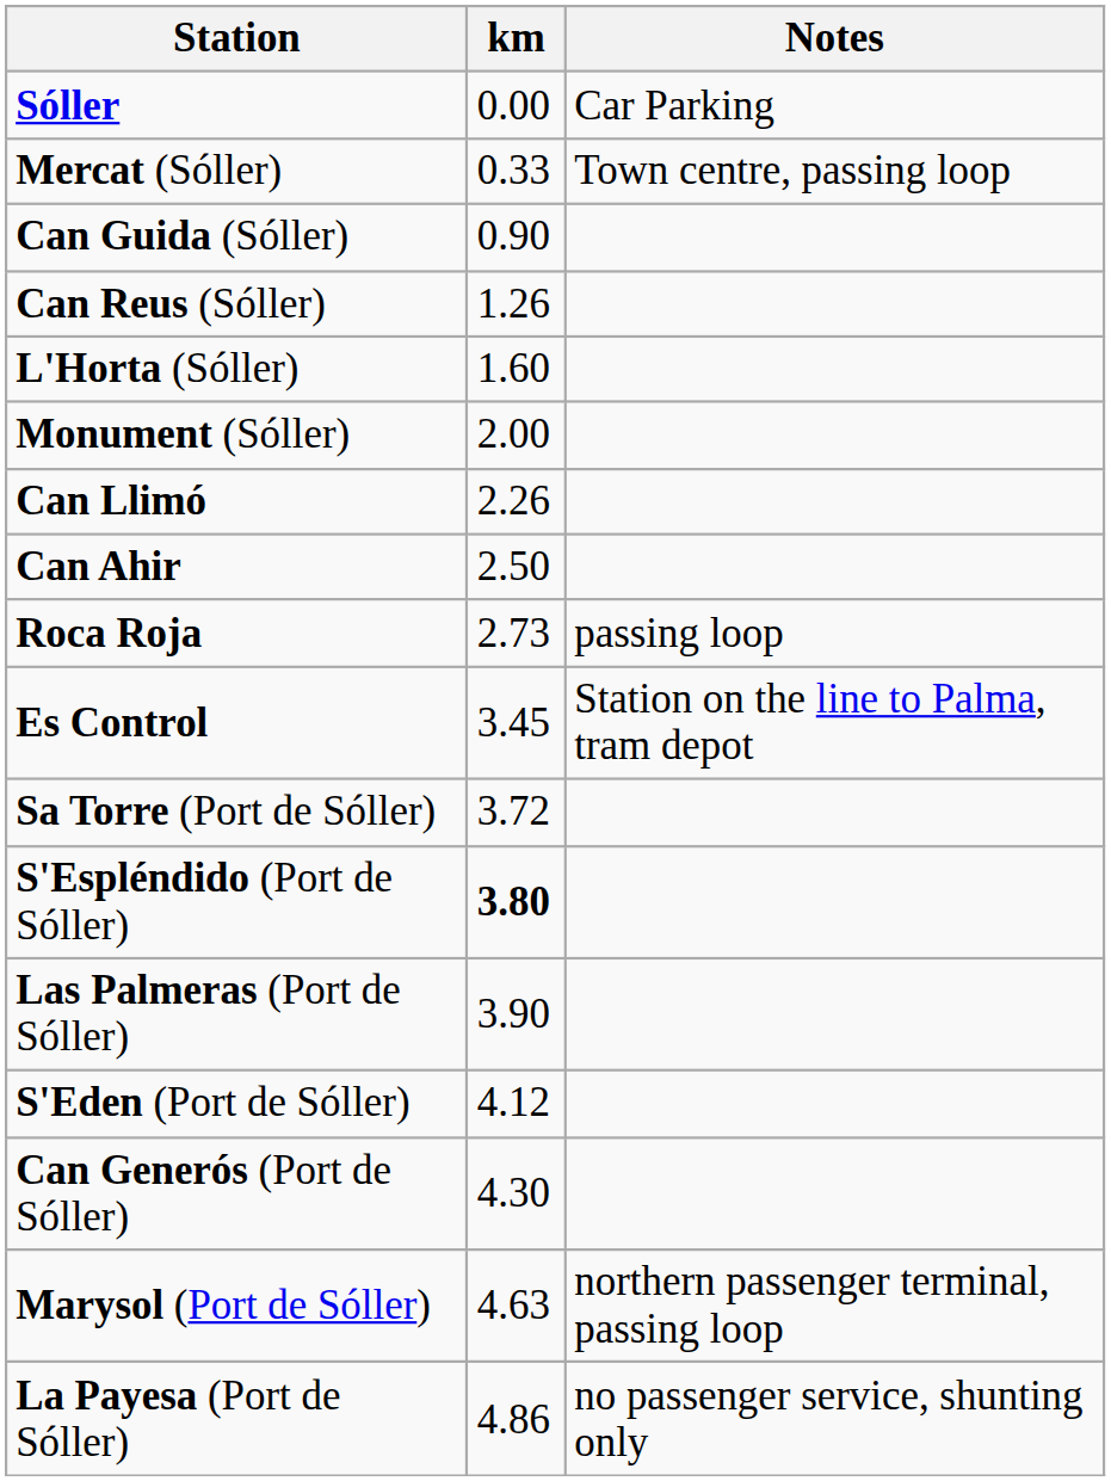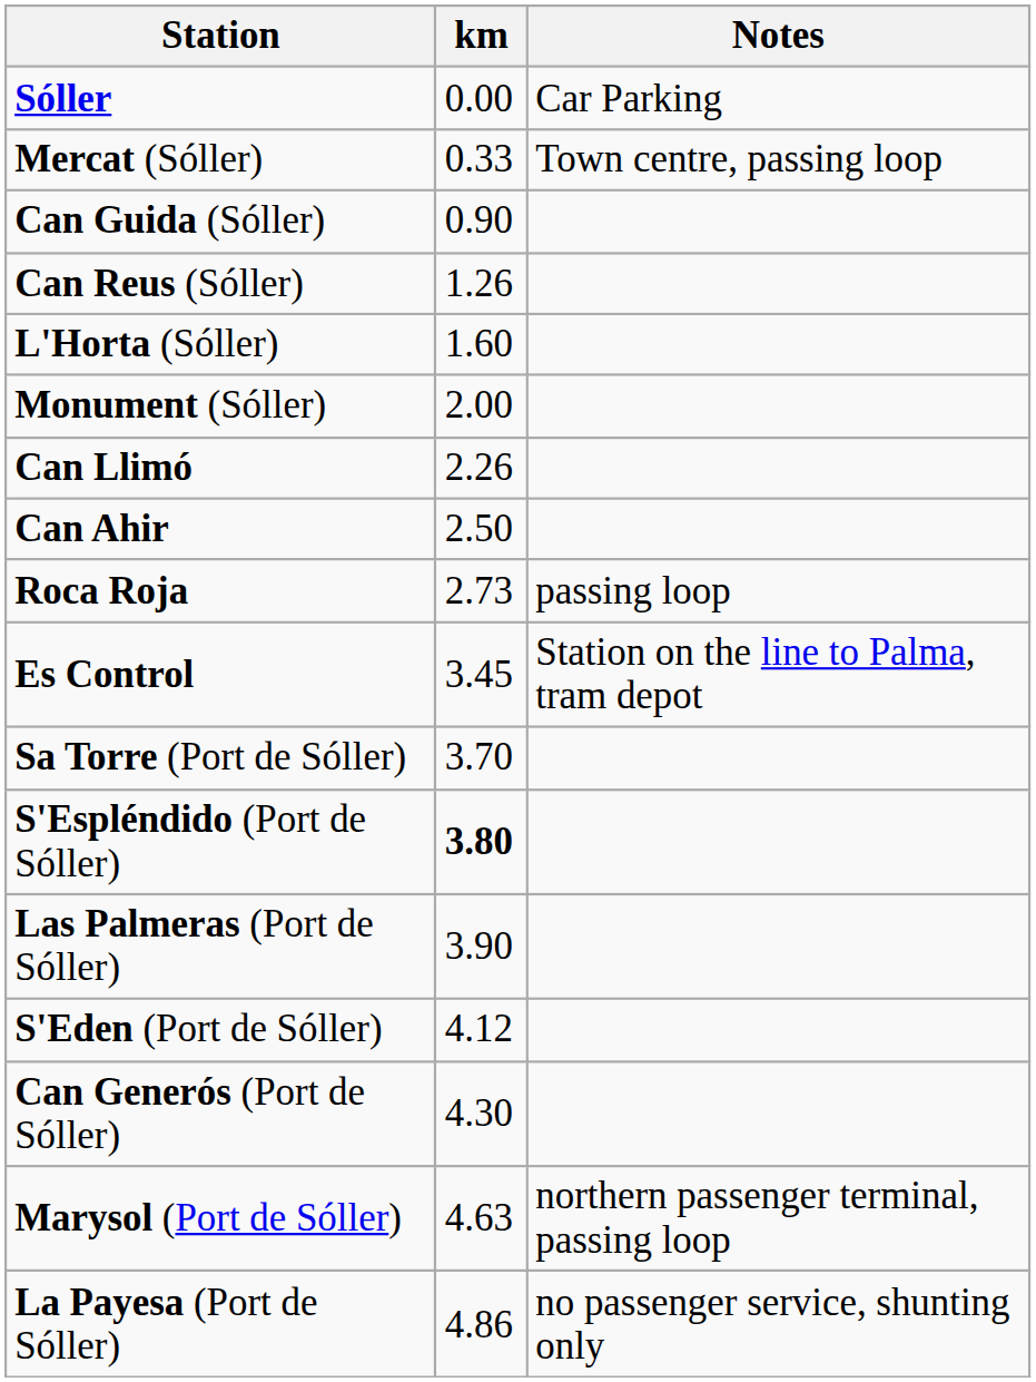 <table class="wikitable sortable">
 <tr>
 <th width="170px">Station</th>
 <th width="30px">km</th>
 <th width="200px">Notes</th>
 </tr>
 <tr>
 <td><strong><a href='#'>Sóller</a></strong></td>
 <td><div>0.00</div></td>
 <td> Car Parking</td>
 </tr>
 <tr>
 <td><strong>Mercat</strong> (Sóller)</td>
 <td><div>0.33</div></td>
 <td>Town centre, passing loop</td>
 </tr>
 <tr>
 <td><strong>Can Guida</strong> (Sóller)</td>
 <td><div>0.90</div></td>
 <td></td>
 </tr>
 <tr>
 <td><strong>Can Reus</strong> (Sóller)</td>
 <td><div>1.26</div></td>
 <td></td>
 </tr>
 <tr>
 <td><strong>L'Horta</strong> (Sóller)</td>
 <td><div>1.60</div></td>
 <td></td>
 </tr>
 <tr>
 <td><strong>Monument</strong> (Sóller)</td>
 <td><div>2.00</div></td>
 <td></td>
 </tr>
 <tr>
 <td><strong>Can Llimó</strong></td>
 <td><div>2.26</div></td>
 <td></td>
 </tr>
 <tr>
 <td><strong>Can Ahir</strong></td>
 <td><div>2.50</div></td>
 <td></td>
 </tr>
 <tr>
 <td><strong>Roca Roja</strong></td>
 <td><div>2.73</div></td>
 <td>passing loop</td>
 </tr>
 <tr>
 <td><strong>Es Control</strong></td>
 <td><div>3.45</div></td>
 <td> Station on the <a href='#'>line to Palma</a>, tram depot</td>
 </tr>
 <tr>
 <td><strong>Sa Torre</strong> (Port de Sóller)</td>
-<td><div>3.72</div></td>
+<td><div>3.70</div></td>
 <td></td>
 </tr>
 <tr>
 <td><strong>S'Espléndido</strong> (Port de Sóller)</td>
 <td><strong><div>3.80</div></strong></td>
 <td></td>
 </tr>
 <tr>
 <td><strong>Las Palmeras</strong> (Port de Sóller)</td>
 <td><div>3.90</div></td>
 <td></td>
 </tr>
 <tr>
 <td><strong>S'Eden</strong> (Port de Sóller)</td>
 <td><div>4.12</div></td>
 <td></td>
 </tr>
 <tr>
 <td><strong>Can Generós</strong> (Port de Sóller)</td>
 <td><div>4.30</div></td>
 <td></td>
 </tr>
 <tr>
 <td><strong>Marysol</strong> (<a href='#'>Port de Sóller</a>)</td>
 <td><div>4.63</div></td>
 <td>northern passenger terminal, passing loop</td>
 </tr>
 <tr>
 <td><strong>La Payesa</strong> (Port de Sóller)</td>
 <td><div>4.86</div></td>
 <td>no passenger service, shunting only</td>
 </tr>
 <tr>
 </tr>
 </table>
